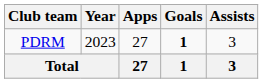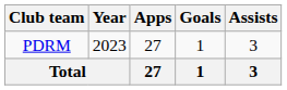 <table class=wikitable style="text-align: center;">
 <tr>
 <th>Club team</th>
 <th>Year</th>
 <th>Apps</th>
 <th>Goals</th>
 <th>Assists</th>
 </tr>
 <tr>
 <td rowspan=1><a href='#'>PDRM</a></td>
 <td>2023</td>
 <td>27</td>
-<td><strong>1</strong></td>
+<td>1</td>
 <td>3</td>
 </tr>
 <tr>
 <th colspan=2>Total</th>
 <th>27</th>
 <th>1</th>
 <th>3</th>
 </tr>
 </table>
